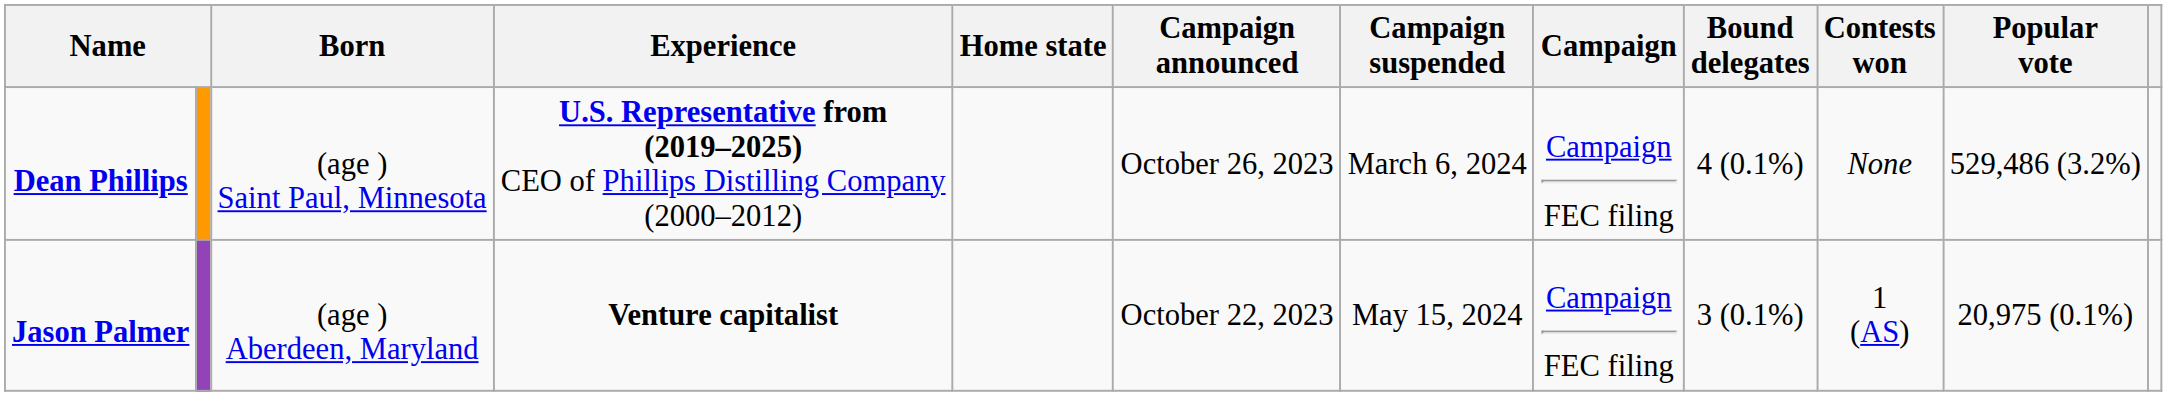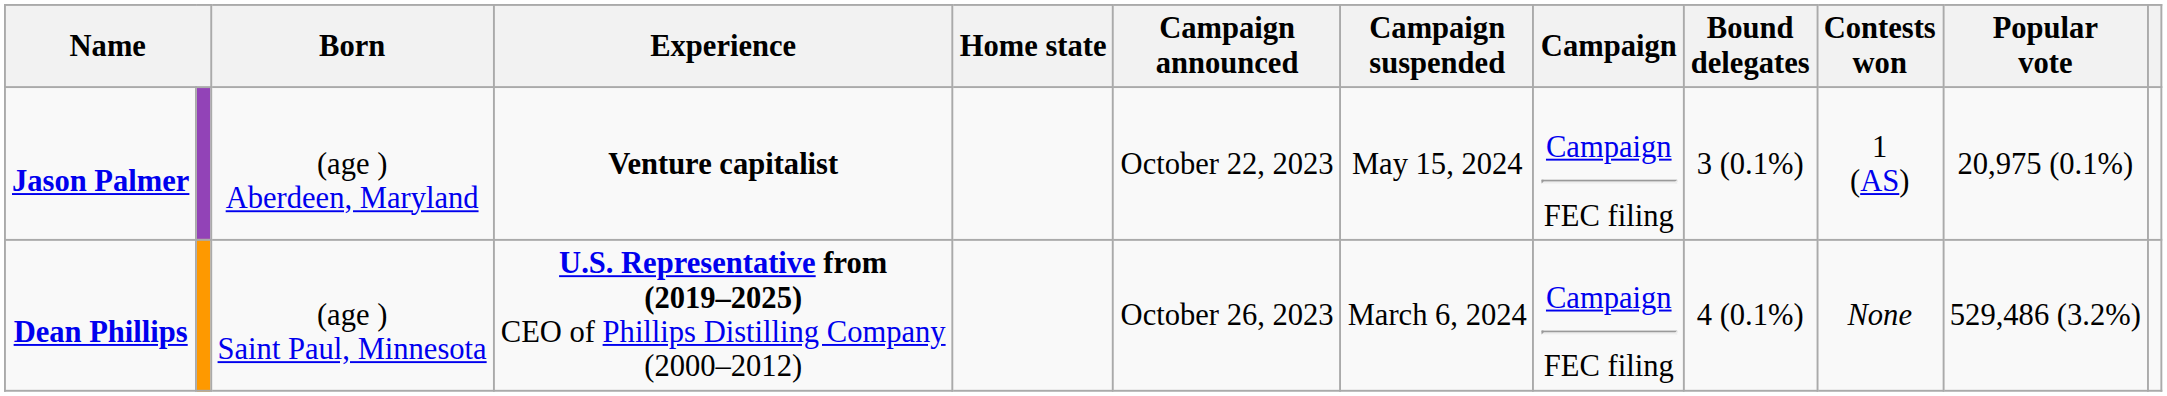 <table class="wikitable sortable" style="text-align:center;">
 <tr>
 <th scope="col" colspan=2>Name</th>
 <th scope="col">Born</th>
 <th scope="col" class="unsortable">Experience</th>
 <th scope="col">Home state</th>
 <th scope="col">Campaign<br>announced</th>
 <th scope="col">Campaign<br>suspended</th>
 <th scope="col">Campaign</th>
 <th scope="col">Bound<br>delegates</th>
 <th scope="col">Contests<br>won</th>
 <th scope="col">Popular<br>vote</th>
 <th scope="col"></th>
 </tr>
 <tr>
+<td data-sort-value="Palmer, Jason"><br><strong><a href='#'>Jason Palmer</a></strong></td>
+<td style="background:#9243B7;"></td>
+<td><br>(age )<br><a href='#'>Aberdeen, Maryland</a></td>
+<td><strong>Venture capitalist</strong></td>
+<td></td>
+<td>October 22, 2023</td>
+<td>May 15, 2024<br></td>
+<td><br><a href='#'>Campaign</a><hr>FEC filing<br></td>
+<td>3 (0.1%)</td>
+<td>1<br>(<a href='#'>AS</a>)</td>
+<td>20,975 (0.1%)</td>
+<td><br><br></td>
+</tr>
+<tr>
 <td scope="row" data-sort-value="Phillips, Dean"><br><strong><a href='#'>Dean Phillips</a></strong></td>
 <td style="background:#FE9900;"></td>
 <td><br>(age )<br><a href='#'>Saint Paul, Minnesota</a></td>
 <td><strong><a href='#'>U.S. Representative</a> from <br>(2019–2025)</strong><br>CEO of <a href='#'>Phillips Distilling Company</a><br>(2000–2012)</td>
 <td></td>
 <td>October 26, 2023</td>
 <td>March 6, 2024<br></td>
 <td><br><a href='#'>Campaign</a><hr>FEC filing <br></td>
 <td>4 (0.1%)</td>
 <td><em>None</em></td>
 <td>529,486 (3.2%)</td>
 <td><br><br><br></td>
 </tr>
-<tr>
-<td data-sort-value="Palmer, Jason"><br><strong><a href='#'>Jason Palmer</a></strong></td>
-<td style="background:#9243B7;"></td>
-<td><br>(age )<br><a href='#'>Aberdeen, Maryland</a></td>
-<td><strong>Venture capitalist</strong></td>
-<td></td>
-<td>October 22, 2023</td>
-<td>May 15, 2024<br></td>
-<td><br><a href='#'>Campaign</a><hr>FEC filing<br></td>
-<td>3 (0.1%)</td>
-<td>1<br>(<a href='#'>AS</a>)</td>
-<td>20,975 (0.1%)</td>
-<td><br><br></td>
-</tr>
 </table>
